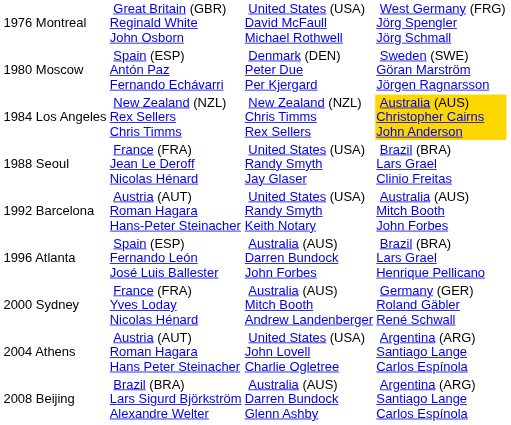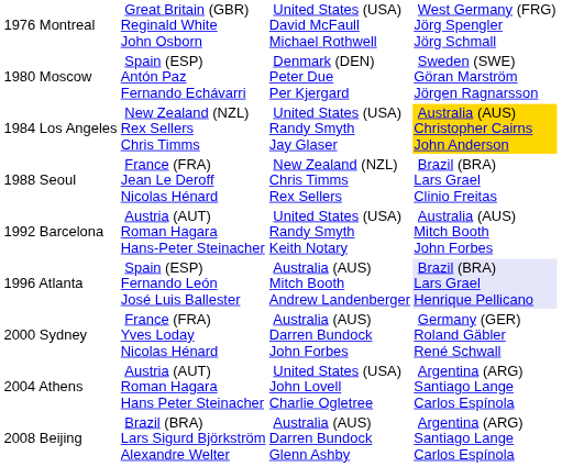 <table>
 <tr>
 <td style="align:center;">1976 Montreal <br></td>
 <td style="vertical-align:top;"> <a href='#'>Great Britain</a> <span>(GBR)</span><br><a href='#'>Reginald White</a><br><a href='#'>John Osborn</a></td>
 <td style="vertical-align:top;"> <a href='#'>United States</a> <span>(USA)</span><br><a href='#'>David McFaull</a><br><a href='#'>Michael Rothwell</a></td>
 <td style="vertical-align:top;"> <a href='#'>West Germany</a> <span>(FRG)</span><br><a href='#'>Jörg Spengler</a><br><a href='#'>Jörg Schmall</a></td>
 </tr>
 <tr>
 <td style="align:center;">1980 Moscow <br></td>
 <td style="vertical-align:top;"> <a href='#'>Spain</a> <span>(ESP)</span><br><a href='#'>Antón Paz</a><br><a href='#'>Fernando Echávarri</a></td>
 <td style="vertical-align:top;"> <a href='#'>Denmark</a> <span>(DEN)</span><br><a href='#'>Peter Due</a><br><a href='#'>Per Kjergard</a></td>
 <td style="vertical-align:top;"> <a href='#'>Sweden</a> <span>(SWE)</span><br><a href='#'>Göran Marström</a><br><a href='#'>Jörgen Ragnarsson</a></td>
 </tr>
 <tr>
 <td style="align:center;">1984 Los Angeles <br></td>
 <td style="vertical-align:top;"> <a href='#'>New Zealand</a> <span>(NZL)</span><br><a href='#'>Rex Sellers</a><br><a href='#'>Chris Timms</a></td>
-<td style="vertical-align:top;"> <a href='#'>New Zealand</a> <span>(NZL)</span><br><a href='#'>Chris Timms</a><br><a href='#'>Rex Sellers</a></td>
+<td style="vertical-align:top;"> <a href='#'>United States</a> <span>(USA)</span><br><a href='#'>Randy Smyth</a><br><a href='#'>Jay Glaser</a></td>
 <td style="background: gold; vertical-align:top;"> <a href='#'>Australia</a> <span>(AUS)</span><br><a href='#'>Christopher Cairns</a><br><a href='#'>John Anderson</a></td>
 </tr>
 <tr>
 <td style="align:center;">1988 Seoul <br></td>
 <td style="vertical-align:top;"> <a href='#'>France</a> <span>(FRA)</span><br><a href='#'>Jean Le Deroff</a><br><a href='#'>Nicolas Hénard</a></td>
-<td style="vertical-align:top;"> <a href='#'>United States</a> <span>(USA)</span><br><a href='#'>Randy Smyth</a><br><a href='#'>Jay Glaser</a></td>
+<td style="vertical-align:top;"> <a href='#'>New Zealand</a> <span>(NZL)</span><br><a href='#'>Chris Timms</a><br><a href='#'>Rex Sellers</a></td>
 <td style="vertical-align:top;"> <a href='#'>Brazil</a> <span>(BRA)</span><br><a href='#'>Lars Grael</a><br><a href='#'>Clinio Freitas</a></td>
 </tr>
 <tr>
 <td style="align:center;">1992 Barcelona <br></td>
 <td style="vertical-align:top;"> <a href='#'>Austria</a> <span>(AUT)</span><br><a href='#'>Roman Hagara</a><br><a href='#'>Hans-Peter Steinacher</a></td>
 <td style="vertical-align:top;"> <a href='#'>United States</a> <span>(USA)</span><br><a href='#'>Randy Smyth</a><br><a href='#'>Keith Notary</a></td>
 <td style="vertical-align:top;"> <a href='#'>Australia</a> <span>(AUS)</span><br><a href='#'>Mitch Booth</a><br><a href='#'>John Forbes</a></td>
 </tr>
 <tr>
 <td style="align:center;">1996 Atlanta <br></td>
 <td style="vertical-align:top;"> <a href='#'>Spain</a> <span>(ESP)</span><br><a href='#'>Fernando León</a><br><a href='#'>José Luis Ballester</a></td>
-<td style="vertical-align:top;"> <a href='#'>Australia</a> <span>(AUS)</span><br><a href='#'>Darren Bundock</a><br><a href='#'>John Forbes</a></td>
-<td style="vertical-align:top;"> <a href='#'>Brazil</a> <span>(BRA)</span><br><a href='#'>Lars Grael</a><br><a href='#'>Henrique Pellicano</a></td>
+<td style="vertical-align:top;"> <a href='#'>Australia</a> <span>(AUS)</span><br><a href='#'>Mitch Booth</a><br><a href='#'>Andrew Landenberger</a></td>
+<td style="background: lavender; vertical-align:top;"> <a href='#'>Brazil</a> <span>(BRA)</span><br><a href='#'>Lars Grael</a><br><a href='#'>Henrique Pellicano</a></td>
 </tr>
 <tr>
 <td style="align:center;">2000 Sydney <br></td>
 <td style="vertical-align:top;"> <a href='#'>France</a> <span>(FRA)</span><br><a href='#'>Yves Loday</a><br><a href='#'>Nicolas Hénard</a></td>
-<td style="vertical-align:top;"> <a href='#'>Australia</a> <span>(AUS)</span><br><a href='#'>Mitch Booth</a><br><a href='#'>Andrew Landenberger</a></td>
+<td style="vertical-align:top;"> <a href='#'>Australia</a> <span>(AUS)</span><br><a href='#'>Darren Bundock</a><br><a href='#'>John Forbes</a></td>
 <td style="vertical-align:top;"> <a href='#'>Germany</a> <span>(GER)</span><br><a href='#'>Roland Gäbler</a><br><a href='#'>René Schwall</a></td>
 </tr>
 <tr>
 <td style="align:center;">2004 Athens <br></td>
 <td style="vertical-align:top;"> <a href='#'>Austria</a> <span>(AUT)</span><br><a href='#'>Roman Hagara</a><br><a href='#'>Hans Peter Steinacher</a></td>
 <td style="vertical-align:top;"> <a href='#'>United States</a> <span>(USA)</span><br><a href='#'>John Lovell</a><br><a href='#'>Charlie Ogletree</a></td>
 <td style="vertical-align:top;"> <a href='#'>Argentina</a> <span>(ARG)</span><br><a href='#'>Santiago Lange</a><br><a href='#'>Carlos Espínola</a></td>
 </tr>
 <tr>
 <td style="align:center;">2008 Beijing <br></td>
 <td style="vertical-align:top;"> <a href='#'>Brazil</a> <span>(BRA)</span><br><a href='#'>Lars Sigurd Björkström</a><br><a href='#'>Alexandre Welter</a></td>
 <td style="vertical-align:top;"> <a href='#'>Australia</a> <span>(AUS)</span><br><a href='#'>Darren Bundock</a><br><a href='#'>Glenn Ashby</a></td>
 <td style="vertical-align:top;"> <a href='#'>Argentina</a> <span>(ARG)</span><br><a href='#'>Santiago Lange</a><br><a href='#'>Carlos Espínola</a></td>
 </tr>
 </table>
